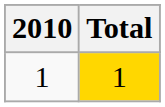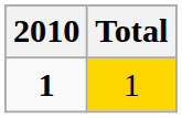 <table class="wikitable" style="text-align:center">
 <tr>
 <th>2010</th>
 <th>Total</th>
 </tr>
 <tr>
-<td>1</td>
+<td><strong>1</strong></td>
 <td style="background: gold;">1</td>
 </tr>
 </table>
